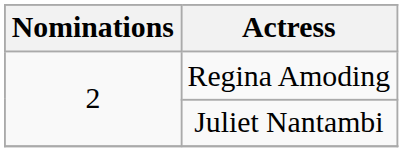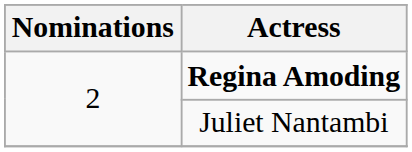 <table class="wikitable" style="text-align:center;">
 <tr>
 <th scope="col" width="55">Nominations</th>
 <th scope="col" align="center">Actress</th>
 </tr>
 <tr>
 <td rowspan="2" style="text-align:center;">2</td>
-<td>Regina Amoding</td>
+<td><strong>Regina Amoding</strong></td>
 </tr>
 <tr>
 <td>Juliet Nantambi</td>
 </tr>
 <tr>
 </tr>
 </table>
